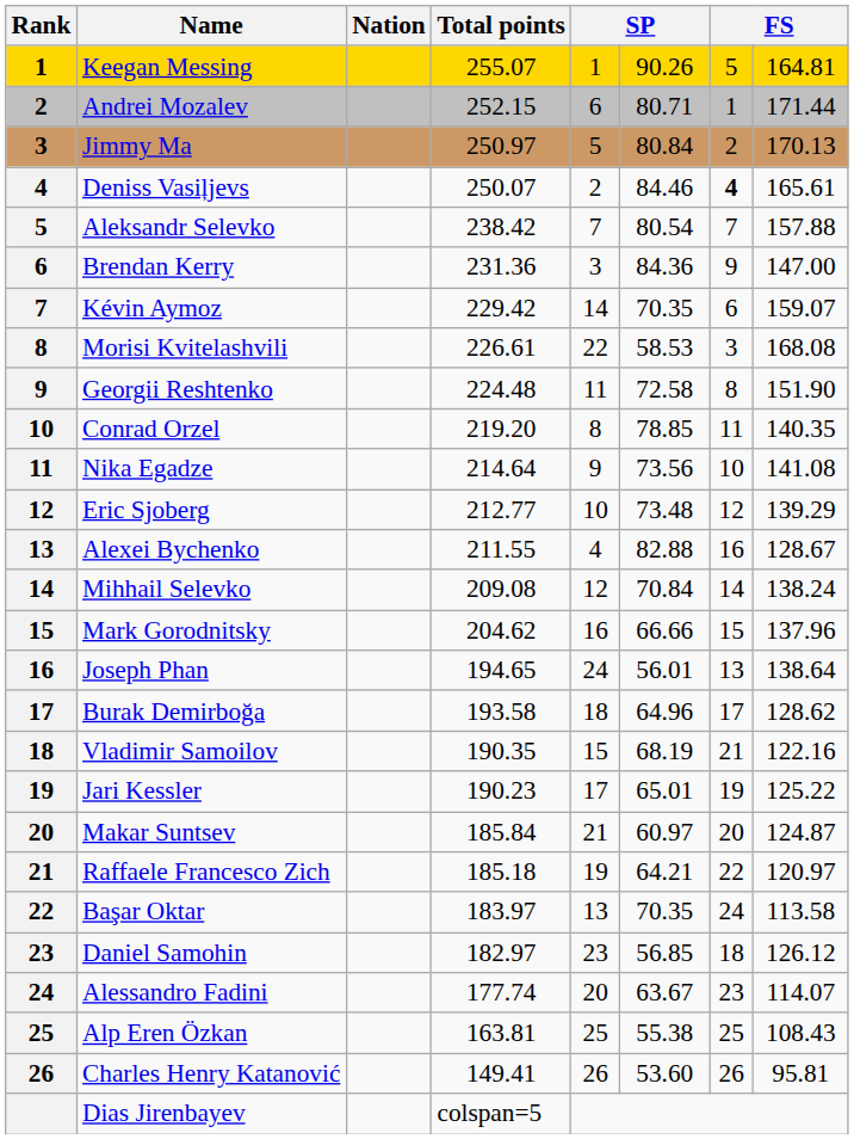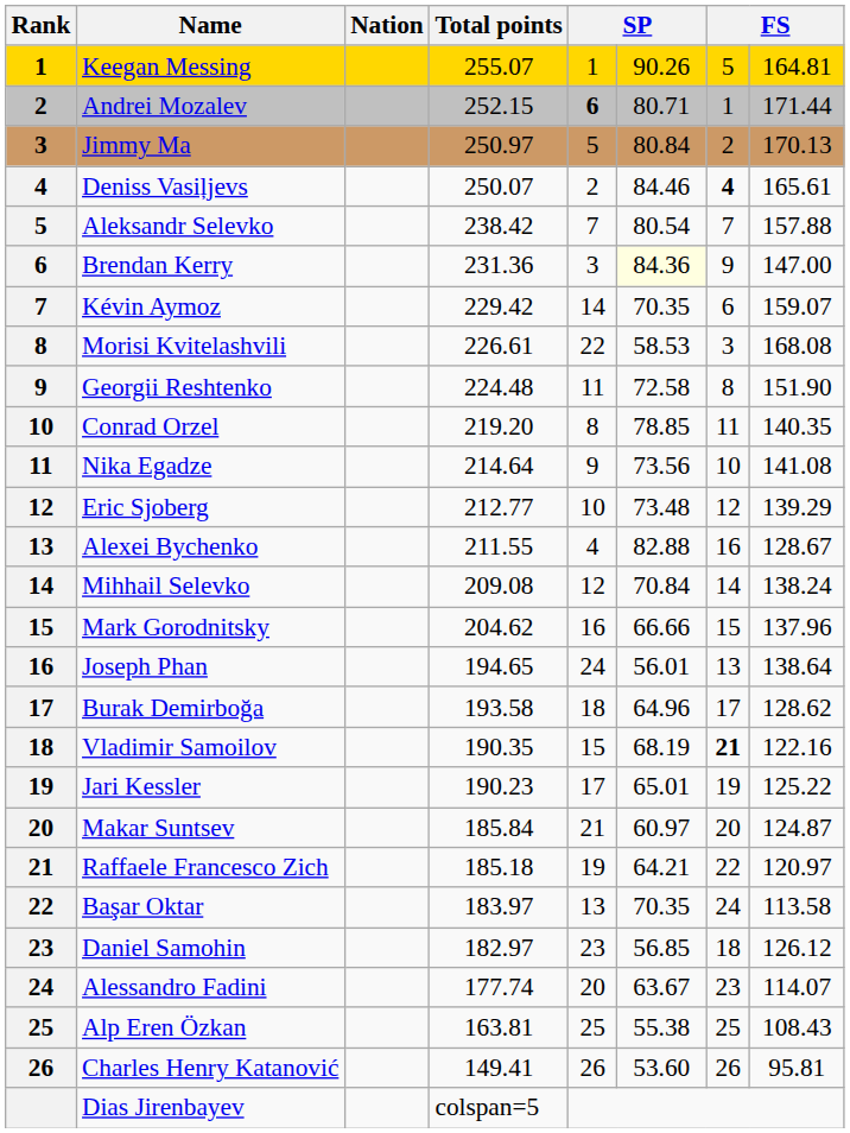 <table class="wikitable sortable">
 <tr>
 <th>Rank</th>
 <th>Name</th>
 <th>Nation</th>
 <th>Total points</th>
 <th colspan="2" width="80px"><a href='#'>SP</a></th>
 <th colspan="2" width="80px"><a href='#'>FS</a></th>
 </tr>
 <tr bgcolor="gold">
 <td align="center"><strong>1</strong></td>
 <td><a href='#'>Keegan Messing</a></td>
 <td></td>
 <td align="center">255.07</td>
 <td align="center">1</td>
 <td align="center">90.26</td>
 <td align="center">5</td>
 <td align="center">164.81</td>
 </tr>
 <tr bgcolor="silver">
 <td align="center"><strong>2</strong></td>
 <td><a href='#'>Andrei Mozalev</a></td>
 <td></td>
 <td align="center">252.15</td>
-<td align="center">6</td>
+<td align="center"><strong>6</strong></td>
 <td align="center">80.71</td>
 <td align="center">1</td>
 <td align="center">171.44</td>
 </tr>
 <tr bgcolor="cc9966">
 <td align="center"><strong>3</strong></td>
 <td><a href='#'>Jimmy Ma</a></td>
 <td></td>
 <td align="center">250.97</td>
 <td align="center">5</td>
 <td align="center">80.84</td>
 <td align="center">2</td>
 <td align="center">170.13</td>
 </tr>
 <tr>
 <th>4</th>
 <td><a href='#'>Deniss Vasiļjevs</a></td>
 <td></td>
 <td align="center">250.07</td>
 <td align="center">2</td>
 <td align="center">84.46</td>
 <td align="center"><strong>4</strong></td>
 <td align="center">165.61</td>
 </tr>
 <tr>
 <th>5</th>
 <td><a href='#'>Aleksandr Selevko</a></td>
 <td></td>
 <td align="center">238.42</td>
 <td align="center">7</td>
 <td align="center">80.54</td>
 <td align="center">7</td>
 <td align="center">157.88</td>
 </tr>
 <tr>
 <th>6</th>
 <td><a href='#'>Brendan Kerry</a></td>
 <td></td>
 <td align="center">231.36</td>
 <td align="center">3</td>
-<td align="center">84.36</td>
+<td align="center" style="background: lightyellow;">84.36</td>
 <td align="center">9</td>
 <td align="center">147.00</td>
 </tr>
 <tr>
 <th>7</th>
 <td><a href='#'>Kévin Aymoz</a></td>
 <td></td>
 <td align="center">229.42</td>
 <td align="center">14</td>
 <td align="center">70.35</td>
 <td align="center">6</td>
 <td align="center">159.07</td>
 </tr>
 <tr>
 <th>8</th>
 <td><a href='#'>Morisi Kvitelashvili</a></td>
 <td></td>
 <td align="center">226.61</td>
 <td align="center">22</td>
 <td align="center">58.53</td>
 <td align="center">3</td>
 <td align="center">168.08</td>
 </tr>
 <tr>
 <th>9</th>
 <td><a href='#'>Georgii Reshtenko</a></td>
 <td></td>
 <td align="center">224.48</td>
 <td align="center">11</td>
 <td align="center">72.58</td>
 <td align="center">8</td>
 <td align="center">151.90</td>
 </tr>
 <tr>
 <th>10</th>
 <td><a href='#'>Conrad Orzel</a></td>
 <td></td>
 <td align="center">219.20</td>
 <td align="center">8</td>
 <td align="center">78.85</td>
 <td align="center">11</td>
 <td align="center">140.35</td>
 </tr>
 <tr>
 <th>11</th>
 <td><a href='#'>Nika Egadze</a></td>
 <td></td>
 <td align="center">214.64</td>
 <td align="center">9</td>
 <td align="center">73.56</td>
 <td align="center">10</td>
 <td align="center">141.08</td>
 </tr>
 <tr>
 <th>12</th>
 <td><a href='#'>Eric Sjoberg</a></td>
 <td></td>
 <td align="center">212.77</td>
 <td align="center">10</td>
 <td align="center">73.48</td>
 <td align="center">12</td>
 <td align="center">139.29</td>
 </tr>
 <tr>
 <th>13</th>
 <td><a href='#'>Alexei Bychenko</a></td>
 <td></td>
 <td align="center">211.55</td>
 <td align="center">4</td>
 <td align="center">82.88</td>
 <td align="center">16</td>
 <td align="center">128.67</td>
 </tr>
 <tr>
 <th>14</th>
 <td><a href='#'>Mihhail Selevko</a></td>
 <td></td>
 <td align="center">209.08</td>
 <td align="center">12</td>
 <td align="center">70.84</td>
 <td align="center">14</td>
 <td align="center">138.24</td>
 </tr>
 <tr>
 <th>15</th>
 <td><a href='#'>Mark Gorodnitsky</a></td>
 <td></td>
 <td align="center">204.62</td>
 <td align="center">16</td>
 <td align="center">66.66</td>
 <td align="center">15</td>
 <td align="center">137.96</td>
 </tr>
 <tr>
 <th>16</th>
 <td><a href='#'>Joseph Phan</a></td>
 <td></td>
 <td align="center">194.65</td>
 <td align="center">24</td>
 <td align="center">56.01</td>
 <td align="center">13</td>
 <td align="center">138.64</td>
 </tr>
 <tr>
 <th>17</th>
 <td><a href='#'>Burak Demirboğa</a></td>
 <td></td>
 <td align="center">193.58</td>
 <td align="center">18</td>
 <td align="center">64.96</td>
 <td align="center">17</td>
 <td align="center">128.62</td>
 </tr>
 <tr>
 <th>18</th>
 <td><a href='#'>Vladimir Samoilov</a></td>
 <td></td>
 <td align="center">190.35</td>
 <td align="center">15</td>
 <td align="center">68.19</td>
-<td align="center">21</td>
+<td align="center"><strong>21</strong></td>
 <td align="center">122.16</td>
 </tr>
 <tr>
 <th>19</th>
 <td><a href='#'>Jari Kessler</a></td>
 <td></td>
 <td align="center">190.23</td>
 <td align="center">17</td>
 <td align="center">65.01</td>
 <td align="center">19</td>
 <td align="center">125.22</td>
 </tr>
 <tr>
 <th>20</th>
 <td><a href='#'>Makar Suntsev</a></td>
 <td></td>
 <td align="center">185.84</td>
 <td align="center">21</td>
 <td align="center">60.97</td>
 <td align="center">20</td>
 <td align="center">124.87</td>
 </tr>
 <tr>
 <th>21</th>
 <td><a href='#'>Raffaele Francesco Zich</a></td>
 <td></td>
 <td align="center">185.18</td>
 <td align="center">19</td>
 <td align="center">64.21</td>
 <td align="center">22</td>
 <td align="center">120.97</td>
 </tr>
 <tr>
 <th>22</th>
 <td><a href='#'>Başar Oktar</a></td>
 <td></td>
 <td align="center">183.97</td>
 <td align="center">13</td>
 <td align="center">70.35</td>
 <td align="center">24</td>
 <td align="center">113.58</td>
 </tr>
 <tr>
 <th>23</th>
 <td><a href='#'>Daniel Samohin</a></td>
 <td></td>
 <td align="center">182.97</td>
 <td align="center">23</td>
 <td align="center">56.85</td>
 <td align="center">18</td>
 <td align="center">126.12</td>
 </tr>
 <tr>
 <th>24</th>
 <td><a href='#'>Alessandro Fadini</a></td>
 <td></td>
 <td align="center">177.74</td>
 <td align="center">20</td>
 <td align="center">63.67</td>
 <td align="center">23</td>
 <td align="center">114.07</td>
 </tr>
 <tr>
 <th>25</th>
 <td><a href='#'>Alp Eren Özkan</a></td>
 <td></td>
 <td align="center">163.81</td>
 <td align="center">25</td>
 <td align="center">55.38</td>
 <td align="center">25</td>
 <td align="center">108.43</td>
 </tr>
 <tr>
 <th>26</th>
 <td><a href='#'>Charles Henry Katanović</a></td>
 <td></td>
 <td align="center">149.41</td>
 <td align="center">26</td>
 <td align="center">53.60</td>
 <td align="center">26</td>
 <td align="center">95.81</td>
 </tr>
 <tr>
 <th></th>
 <td><a href='#'>Dias Jirenbayev</a></td>
 <td></td>
 <td>colspan=5 </td>
 </tr>
 </table>
